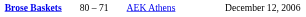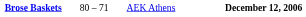 <table style="text-align:center">
 <tr>
 <th width=160></th>
 <th width=100></th>
 <th width=160></th>
 <th width=200></th>
 </tr>
 <tr>
 <td align=right><strong><a href='#'>Brose Baskets</a></strong> </td>
 <td>80 – 71</td>
 <td align=left> <a href='#'>AEK Athens</a></td>
-<td align=left>December 12, 2006</td>
+<td align=left><strong>December 12, 2006</strong></td>
 </tr>
 </table>
